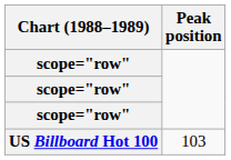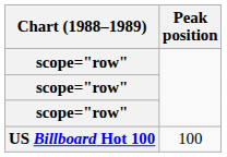 <table class="wikitable sortable plainrowheaders" style="text-align:center">
 <tr>
 <th scope="col">Chart (1988–1989)</th>
 <th scope="col">Peak<br>position</th>
 </tr>
 <tr>
 <th>scope="row" </th>
 </tr>
 <tr>
 <th>scope="row" </th>
 </tr>
 <tr>
 <th>scope="row" </th>
 </tr>
 <tr>
 <th scope="row">US <a href='#'><em>Billboard</em> Hot 100</a></th>
-<td>103</td>
+<td>100</td>
 </tr>
 </table>
